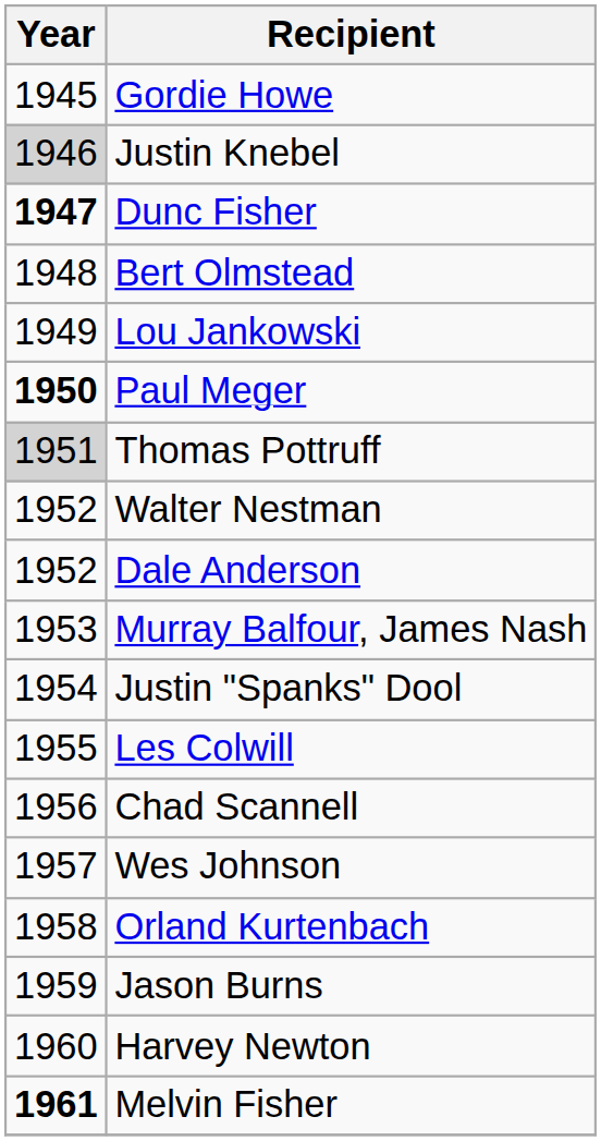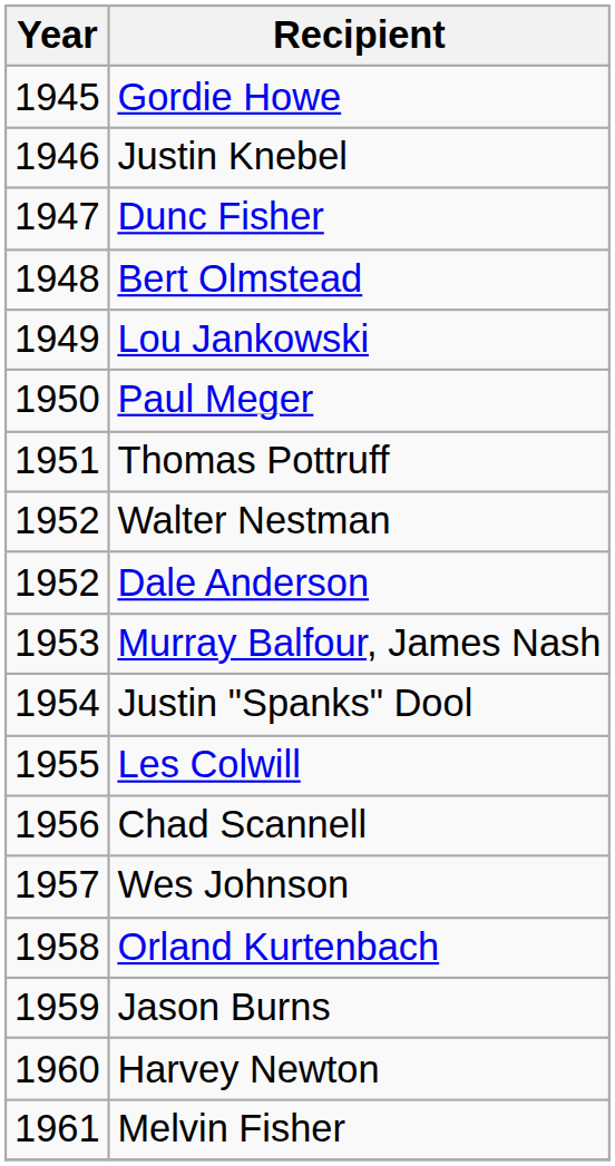 <table class="wikitable">
 <tr>
 <th>Year</th>
 <th>Recipient</th>
 </tr>
 <tr>
 <td>1945</td>
 <td><a href='#'>Gordie Howe</a></td>
 </tr>
 <tr>
-<td style="background: lightgrey;">1946</td>
+<td>1946</td>
 <td>Justin Knebel</td>
 </tr>
 <tr>
-<td><strong>1947</strong></td>
+<td>1947</td>
 <td><a href='#'>Dunc Fisher</a></td>
 </tr>
 <tr>
 <td>1948</td>
 <td><a href='#'>Bert Olmstead</a></td>
 </tr>
 <tr>
 <td>1949</td>
 <td><a href='#'>Lou Jankowski</a></td>
 </tr>
 <tr>
-<td><strong>1950</strong></td>
+<td>1950</td>
 <td><a href='#'>Paul Meger</a></td>
 </tr>
 <tr>
-<td style="background: lightgrey;">1951</td>
+<td>1951</td>
 <td>Thomas Pottruff</td>
 </tr>
 <tr>
 <td>1952</td>
 <td>Walter Nestman</td>
 </tr>
 <tr>
 <td>1952</td>
 <td><a href='#'>Dale Anderson</a></td>
 </tr>
 <tr>
 <td>1953</td>
 <td><a href='#'>Murray Balfour</a>, James Nash</td>
 </tr>
 <tr>
 <td>1954</td>
 <td>Justin "Spanks" Dool</td>
 </tr>
 <tr>
 <td>1955</td>
 <td><a href='#'>Les Colwill</a></td>
 </tr>
 <tr>
 <td>1956</td>
 <td>Chad Scannell</td>
 </tr>
 <tr>
 <td>1957</td>
 <td>Wes Johnson</td>
 </tr>
 <tr>
 <td>1958</td>
 <td><a href='#'>Orland Kurtenbach</a></td>
 </tr>
 <tr>
 <td>1959</td>
 <td>Jason Burns</td>
 </tr>
 <tr>
 <td>1960</td>
 <td>Harvey Newton</td>
 </tr>
 <tr>
-<td><strong>1961</strong></td>
+<td>1961</td>
 <td>Melvin Fisher</td>
 </tr>
 <tr>
 </tr>
 </table>
